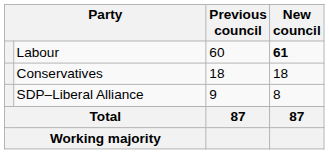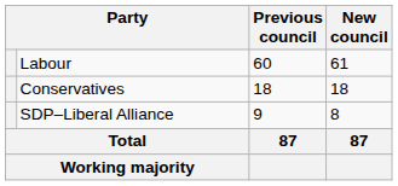 <table class="wikitable">
 <tr>
 <th valign=top colspan="2" style="width: 230px">Party</th>
 <th valign=top style="width: 30px">Previous council</th>
 <th valign=top style="width: 30px">New council</th>
 </tr>
 <tr>
 <th style="background-color: "></th>
 <td>Labour</td>
 <td>60</td>
-<td><strong>61</strong></td>
+<td>61</td>
 </tr>
 <tr>
 <th style="background-color: "></th>
 <td>Conservatives</td>
 <td>18</td>
 <td>18</td>
 </tr>
 <tr>
 <th style="background-color: "></th>
 <td>SDP–Liberal Alliance</td>
 <td>9</td>
 <td>8</td>
 </tr>
 <tr>
 <th colspan=2>Total</th>
 <th style="text-align: center">87</th>
 <th colspan=3>87</th>
 </tr>
 <tr>
 <th colspan=2>Working majority</th>
 <th></th>
 <th></th>
 </tr>
 </table>
